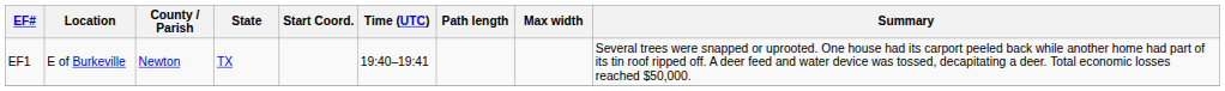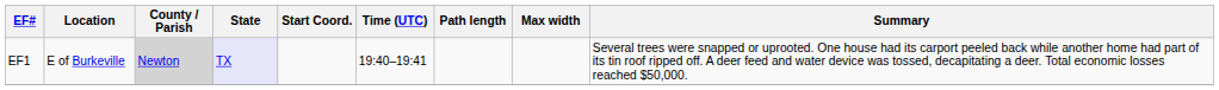 <table class="wikitable sortable" style="width:100%;">
 <tr>
 <th scope="col" style="width:3%; text-align:center;"><a href='#'>EF#</a></th>
 <th scope="col" style="width:7%; text-align:center;" class="unsortable">Location</th>
 <th scope="col" style="width:6%; text-align:center;" class="unsortable">County / Parish</th>
 <th scope="col" style="width:5%; text-align:center;">State</th>
 <th scope="col" style="width:6%; text-align:center;">Start Coord.</th>
 <th scope="col" style="width:6%; text-align:center;">Time (<a href='#'>UTC</a>)</th>
 <th scope="col" style="width:6%; text-align:center;">Path length</th>
 <th scope="col" style="width:6%; text-align:center;">Max width</th>
 <th scope="col" class="unsortable" style="width:48%; text-align:center;">Summary</th>
 </tr>
 <tr>
 <td>EF1</td>
 <td>E of <a href='#'>Burkeville</a></td>
-<td><a href='#'>Newton</a></td>
-<td><a href='#'>TX</a></td>
+<td style="background: lightgrey;"><a href='#'>Newton</a></td>
+<td style="background: lavender;"><a href='#'>TX</a></td>
 <td></td>
 <td>19:40–19:41</td>
 <td></td>
 <td></td>
 <td>Several trees were snapped or uprooted. One house had its carport peeled back while another home had part of its tin roof ripped off. A deer feed and water device was tossed, decapitating a deer. Total economic losses reached $50,000.</td>
 </tr>
 <tr>
 </tr>
 </table>
